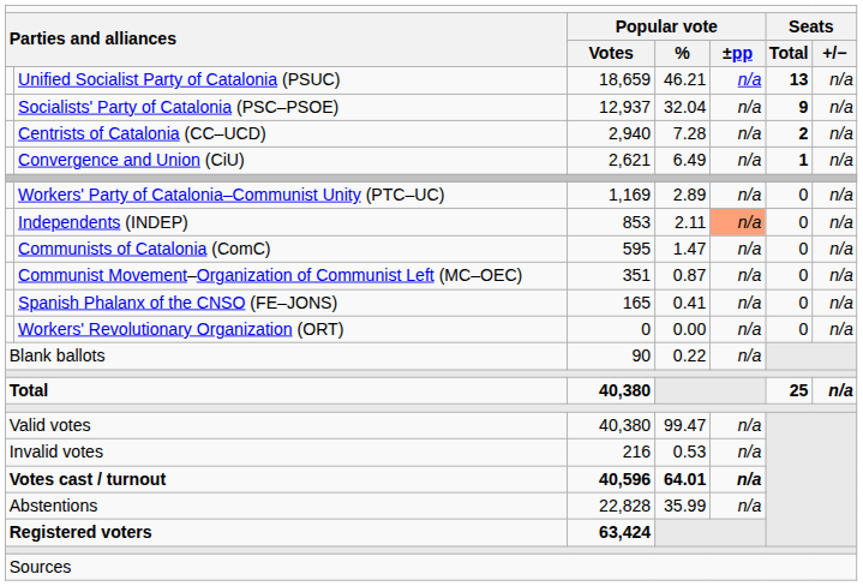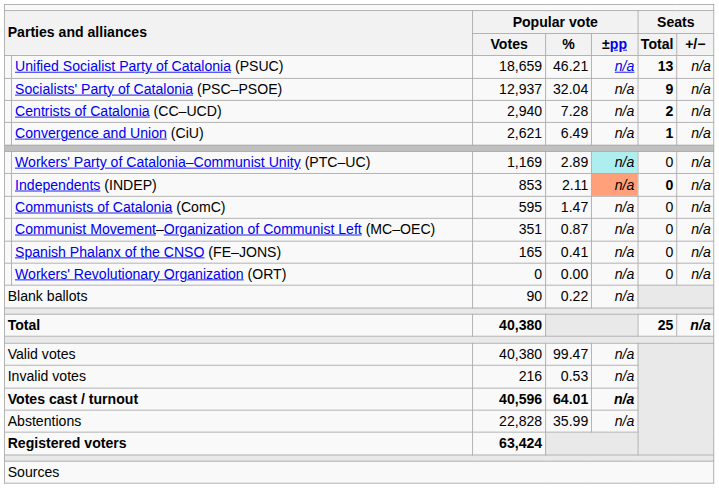 <table class="wikitable" style="text-align:right;">
 <tr>
 <td colspan="7"></td>
 </tr>
 <tr>
 <th style="text-align:left;" rowspan="2" colspan="2" width="525">Parties and alliances</th>
 <th colspan="3">Popular vote</th>
 <th colspan="2">Seats</th>
 </tr>
 <tr>
 <th width="75">Votes</th>
 <th width="45">%</th>
 <th width="45">±<a href='#'>pp</a></th>
 <th width="35">Total</th>
 <th width="35">+/−</th>
 </tr>
 <tr>
 <td width="1" style="color:inherit;background:"></td>
 <td align="left"><a href='#'>Unified Socialist Party of Catalonia</a> (PSUC)</td>
 <td>18,659</td>
 <td>46.21</td>
 <td><em><a href='#'>n/a</a></em></td>
 <td><strong>13</strong></td>
 <td><em>n/a</em></td>
 </tr>
 <tr>
 <td style="color:inherit;background:"></td>
 <td align="left"><a href='#'>Socialists' Party of Catalonia</a> (PSC–PSOE)</td>
 <td>12,937</td>
 <td>32.04</td>
 <td><em>n/a</em></td>
 <td><strong>9</strong></td>
 <td><em>n/a</em></td>
 </tr>
 <tr>
 <td style="color:inherit;background:"></td>
 <td align="left"><a href='#'>Centrists of Catalonia</a> (CC–UCD)</td>
 <td>2,940</td>
 <td>7.28</td>
 <td><em>n/a</em></td>
 <td><strong>2</strong></td>
 <td><em>n/a</em></td>
 </tr>
 <tr>
 <td style="color:inherit;background:"></td>
 <td align="left"><a href='#'>Convergence and Union</a> (CiU)</td>
 <td>2,621</td>
 <td>6.49</td>
 <td><em>n/a</em></td>
 <td><strong>1</strong></td>
 <td><em>n/a</em></td>
 </tr>
 <tr>
 <td colspan="7" style="color:inherit;background:#C0C0C0"></td>
 </tr>
 <tr>
 <td style="color:inherit;background:"></td>
 <td align="left"><a href='#'>Workers' Party of Catalonia–Communist Unity</a> (PTC–UC)</td>
 <td>1,169</td>
 <td>2.89</td>
-<td><em>n/a</em></td>
+<td style="background: paleturquoise;"><em>n/a</em></td>
 <td>0</td>
 <td><em>n/a</em></td>
 </tr>
 <tr>
 <td style="color:inherit;background:"></td>
 <td align="left"><a href='#'>Independents</a> (INDEP)</td>
 <td>853</td>
 <td>2.11</td>
 <td style="background: lightsalmon;"><em>n/a</em></td>
-<td>0</td>
+<td><strong>0</strong></td>
 <td><em>n/a</em></td>
 </tr>
 <tr>
 <td style="color:inherit;background:"></td>
 <td align="left"><a href='#'>Communists of Catalonia</a> (ComC)</td>
 <td>595</td>
 <td>1.47</td>
 <td><em>n/a</em></td>
 <td>0</td>
 <td><em>n/a</em></td>
 </tr>
 <tr>
 <td style="color:inherit;background:"></td>
 <td align="left"><a href='#'>Communist Movement</a>–<a href='#'>Organization of Communist Left</a> (MC–OEC)</td>
 <td>351</td>
 <td>0.87</td>
 <td><em>n/a</em></td>
 <td>0</td>
 <td><em>n/a</em></td>
 </tr>
 <tr>
 <td style="color:inherit;background:"></td>
 <td align="left"><a href='#'>Spanish Phalanx of the CNSO</a> (FE–JONS)</td>
 <td>165</td>
 <td>0.41</td>
 <td><em>n/a</em></td>
 <td>0</td>
 <td><em>n/a</em></td>
 </tr>
 <tr>
 <td style="color:inherit;background:"></td>
 <td align="left"><a href='#'>Workers' Revolutionary Organization</a> (ORT)</td>
 <td>0</td>
 <td>0.00</td>
 <td><em>n/a</em></td>
 <td>0</td>
 <td><em>n/a</em></td>
 </tr>
 <tr>
 <td align="left" colspan="2">Blank ballots</td>
 <td>90</td>
 <td>0.22</td>
 <td><em>n/a</em></td>
 <td style="color:inherit;background:#E9E9E9" colspan="2"></td>
 </tr>
 <tr>
 <td colspan="7" style="color:inherit;background:#E9E9E9"></td>
 </tr>
 <tr style="font-weight:bold;">
 <td align="left" colspan="2">Total</td>
 <td>40,380</td>
 <td bgcolor="#E9E9E9" colspan="2"></td>
 <td>25</td>
 <td><em>n/a</em></td>
 </tr>
 <tr>
 <td colspan="7" style="color:inherit;background:#E9E9E9"></td>
 </tr>
 <tr>
 <td align="left" colspan="2">Valid votes</td>
 <td>40,380</td>
 <td>99.47</td>
 <td><em>n/a</em></td>
 <td bgcolor="#E9E9E9" colspan="2" rowspan="5"></td>
 </tr>
 <tr>
 <td align="left" colspan="2">Invalid votes</td>
 <td>216</td>
 <td>0.53</td>
 <td><em>n/a</em></td>
 </tr>
 <tr style="font-weight:bold;">
 <td align="left" colspan="2">Votes cast / turnout</td>
 <td>40,596</td>
 <td>64.01</td>
 <td><em>n/a</em></td>
 </tr>
 <tr>
 <td align="left" colspan="2">Abstentions</td>
 <td>22,828</td>
 <td>35.99</td>
 <td><em>n/a</em></td>
 </tr>
 <tr style="font-weight:bold;">
 <td align="left" colspan="2">Registered voters</td>
 <td>63,424</td>
 <td bgcolor="#E9E9E9" colspan="2"></td>
 </tr>
 <tr>
 <td colspan="7" style="color:inherit;background:#E9E9E9"></td>
 </tr>
 <tr>
 <td align="left" colspan="7">Sources</td>
 </tr>
 </table>
